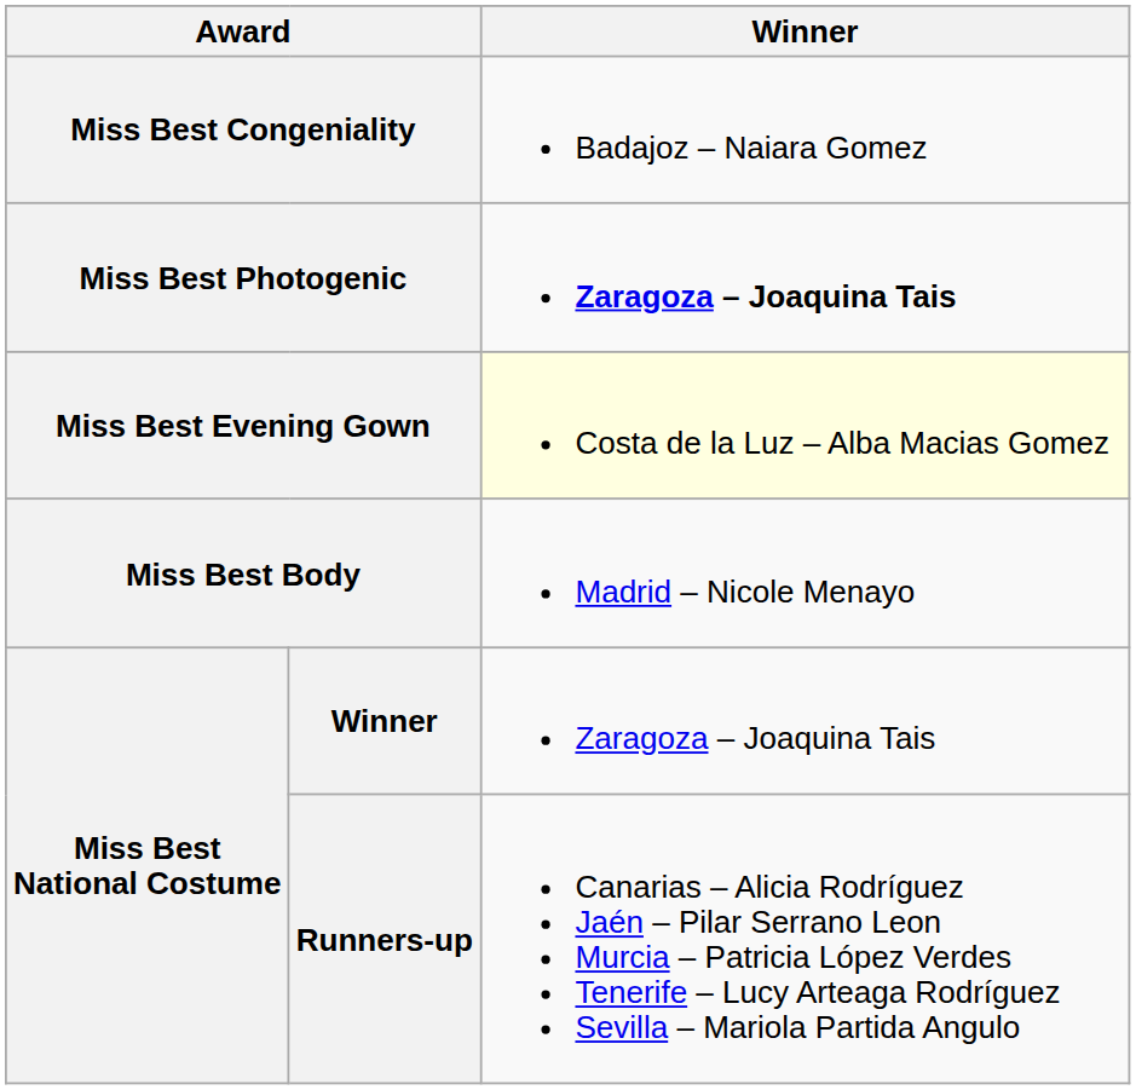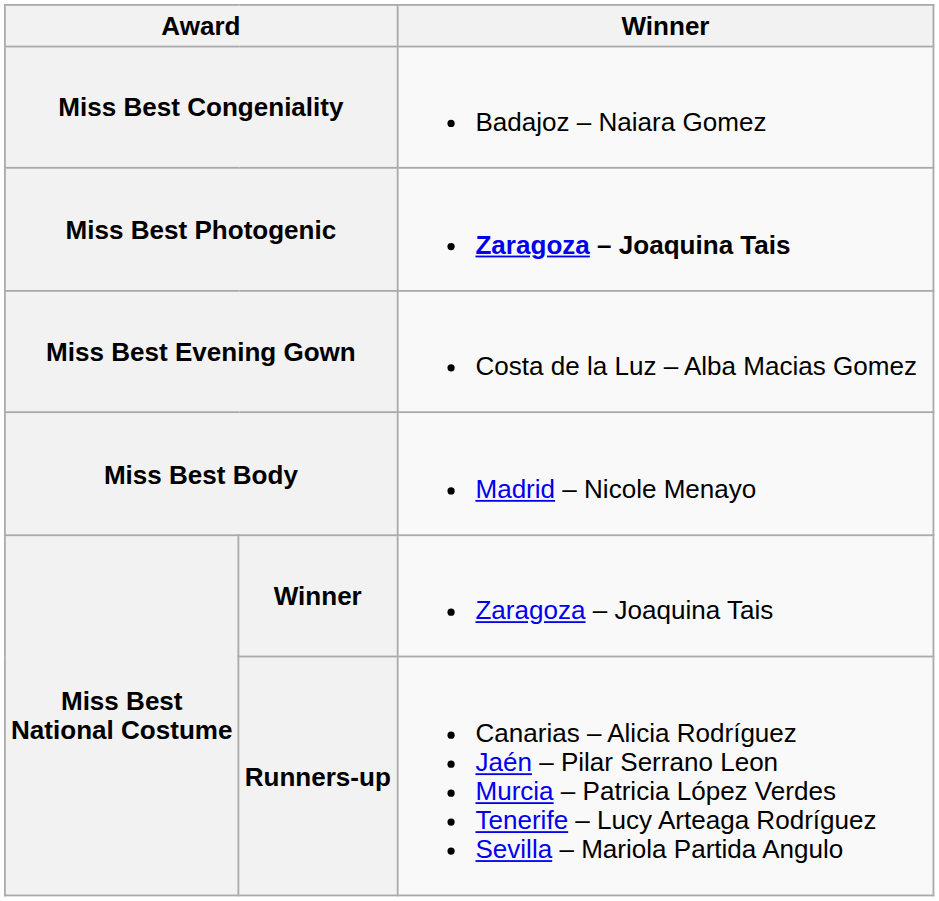 <table class="wikitable" style="font-size: 90%";>
 <tr>
 <th colspan=2>Award</th>
 <th width=290px>Winner</th>
 </tr>
 <tr>
 <th colspan=2>Miss Best Congeniality</th>
 <td><br><ul><li>Badajoz – Naiara Gomez</li></ul></td>
 </tr>
 <tr>
 <th colspan=2>Miss Best Photogenic</th>
 <td><strong><br><ul><li><a href='#'>Zaragoza</a> – Joaquina Tais</li></ul></strong></td>
 </tr>
 <tr>
 <th colspan=2>Miss Best Evening Gown</th>
-<td style="background: lightyellow;"><br><ul><li>Costa de la Luz – Alba Macias Gomez</li></ul></td>
+<td><br><ul><li>Costa de la Luz – Alba Macias Gomez</li></ul></td>
 </tr>
 <tr>
 <th colspan=2>Miss Best Body</th>
 <td><br><ul><li><a href='#'>Madrid</a> – Nicole Menayo</li></ul></td>
 </tr>
 <tr>
 <th rowspan=2>Miss Best<br>National Costume</th>
 <th>Winner</th>
 <td><br><ul><li><a href='#'>Zaragoza</a> – Joaquina Tais</li></ul></td>
 </tr>
 <tr>
 <th>Runners-up</th>
 <td><br><ul><li>Canarias – Alicia Rodríguez</li><li><a href='#'>Jaén</a> – Pilar Serrano Leon</li><li><a href='#'>Murcia</a> – Patricia López Verdes</li><li><a href='#'>Tenerife</a> – Lucy Arteaga Rodríguez</li><li><a href='#'>Sevilla</a> – Mariola Partida Angulo</li></ul></td>
 </tr>
 </table>
